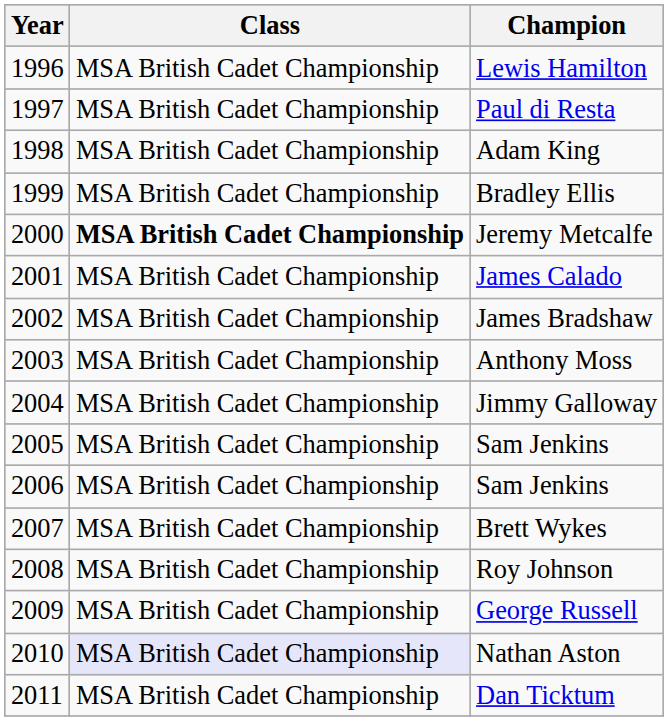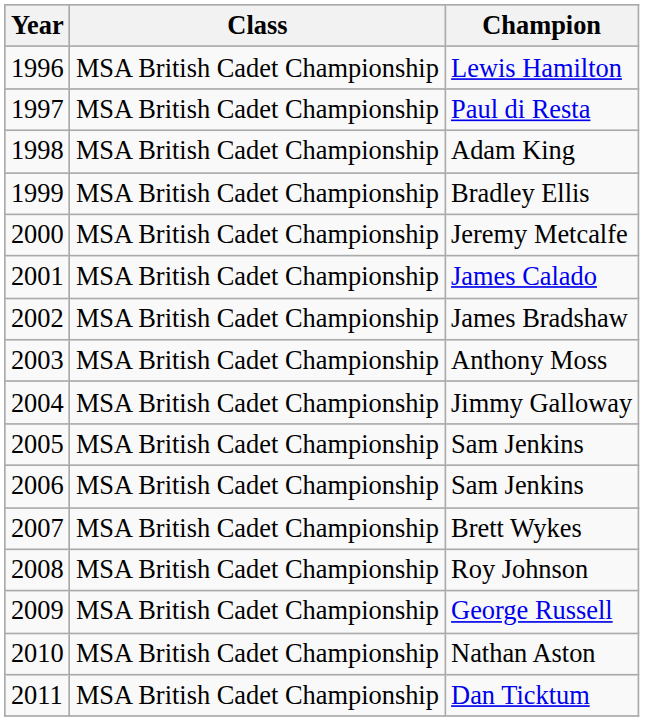 <table class="wikitable">
 <tr>
 <th>Year</th>
 <th>Class</th>
 <th>Champion</th>
 </tr>
 <tr>
 <td>1996</td>
 <td>MSA British Cadet Championship</td>
 <td><a href='#'>Lewis Hamilton</a></td>
 </tr>
 <tr>
 <td>1997</td>
 <td>MSA British Cadet Championship</td>
 <td><a href='#'>Paul di Resta</a></td>
 </tr>
 <tr>
 <td>1998</td>
 <td>MSA British Cadet Championship</td>
 <td>Adam King</td>
 </tr>
 <tr>
 <td>1999</td>
 <td>MSA British Cadet Championship</td>
 <td>Bradley Ellis</td>
 </tr>
 <tr>
 <td>2000</td>
-<td><strong>MSA British Cadet Championship</strong></td>
+<td>MSA British Cadet Championship</td>
 <td>Jeremy Metcalfe</td>
 </tr>
 <tr>
 <td>2001</td>
 <td>MSA British Cadet Championship</td>
 <td><a href='#'>James Calado</a></td>
 </tr>
 <tr>
 <td>2002</td>
 <td>MSA British Cadet Championship</td>
 <td>James Bradshaw</td>
 </tr>
 <tr>
 <td>2003</td>
 <td>MSA British Cadet Championship</td>
 <td>Anthony Moss</td>
 </tr>
 <tr>
 <td>2004</td>
 <td>MSA British Cadet Championship</td>
 <td>Jimmy Galloway</td>
 </tr>
 <tr>
 <td>2005</td>
 <td>MSA British Cadet Championship</td>
 <td>Sam Jenkins</td>
 </tr>
 <tr>
 <td>2006</td>
 <td>MSA British Cadet Championship</td>
 <td>Sam Jenkins</td>
 </tr>
 <tr>
 <td>2007</td>
 <td>MSA British Cadet Championship</td>
 <td>Brett Wykes</td>
 </tr>
 <tr>
 <td>2008</td>
 <td>MSA British Cadet Championship</td>
 <td>Roy Johnson</td>
 </tr>
 <tr>
 <td>2009</td>
 <td>MSA British Cadet Championship</td>
 <td><a href='#'>George Russell</a></td>
 </tr>
 <tr>
 <td>2010</td>
-<td style="background: lavender;">MSA British Cadet Championship</td>
+<td>MSA British Cadet Championship</td>
 <td>Nathan Aston</td>
 </tr>
 <tr>
 <td>2011</td>
 <td>MSA British Cadet Championship</td>
 <td><a href='#'>Dan Ticktum</a></td>
 </tr>
 </table>
